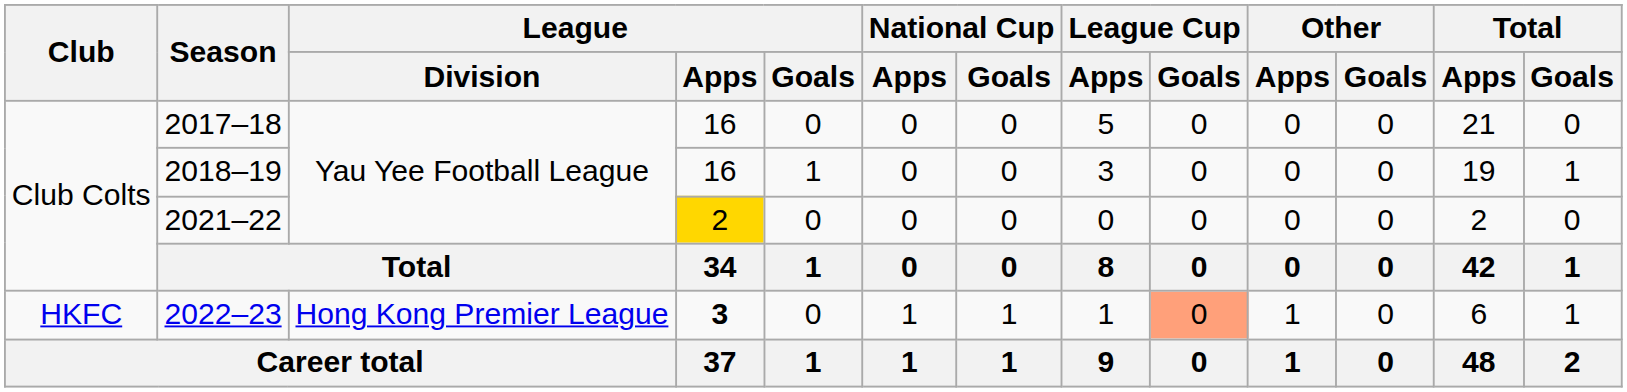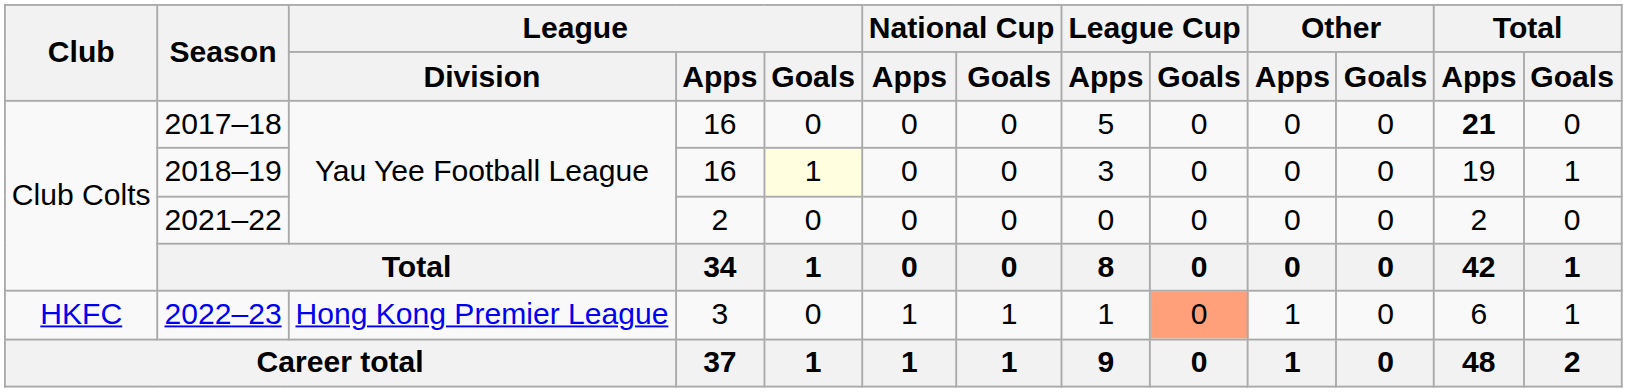 <table class="wikitable" style="text-align: center">
 <tr>
 <th rowspan="2">Club</th>
 <th rowspan="2">Season</th>
 <th colspan="3">League</th>
 <th colspan="2">National Cup</th>
 <th colspan="2">League Cup</th>
 <th colspan="2">Other</th>
 <th colspan="2">Total</th>
 </tr>
 <tr>
 <th>Division</th>
 <th>Apps</th>
 <th>Goals</th>
 <th>Apps</th>
 <th>Goals</th>
 <th>Apps</th>
 <th>Goals</th>
 <th>Apps</th>
 <th>Goals</th>
 <th>Apps</th>
 <th>Goals</th>
 </tr>
 <tr>
 <td rowspan="4">Club Colts</td>
 <td>2017–18</td>
 <td rowspan="3">Yau Yee Football League</td>
 <td>16</td>
 <td>0</td>
 <td>0</td>
 <td>0</td>
 <td>5</td>
 <td>0</td>
 <td>0</td>
 <td>0</td>
-<td>21</td>
+<td><strong>21</strong></td>
 <td>0</td>
 </tr>
 <tr>
 <td>2018–19</td>
 <td>16</td>
-<td>1</td>
+<td style="background: lightyellow;">1</td>
 <td>0</td>
 <td>0</td>
 <td>3</td>
 <td>0</td>
 <td>0</td>
 <td>0</td>
 <td>19</td>
 <td>1</td>
 </tr>
 <tr>
 <td>2021–22</td>
-<td style="background: gold;">2</td>
+<td>2</td>
 <td>0</td>
 <td>0</td>
 <td>0</td>
 <td>0</td>
 <td>0</td>
 <td>0</td>
 <td>0</td>
 <td>2</td>
 <td>0</td>
 </tr>
 <tr>
 <th colspan="2">Total</th>
 <th>34</th>
 <th>1</th>
 <th>0</th>
 <th>0</th>
 <th>8</th>
 <th>0</th>
 <th>0</th>
 <th>0</th>
 <th>42</th>
 <th>1</th>
 </tr>
 <tr>
 <td><a href='#'>HKFC</a></td>
 <td><a href='#'>2022–23</a></td>
 <td><a href='#'>Hong Kong Premier League</a></td>
-<td><strong>3</strong></td>
+<td>3</td>
 <td>0</td>
 <td>1</td>
 <td>1</td>
 <td>1</td>
 <td style="background: lightsalmon;">0</td>
 <td>1</td>
 <td>0</td>
 <td>6</td>
 <td>1</td>
 </tr>
 <tr>
 <th colspan="3">Career total</th>
 <th>37</th>
 <th>1</th>
 <th>1</th>
 <th>1</th>
 <th>9</th>
 <th>0</th>
 <th>1</th>
 <th>0</th>
 <th>48</th>
 <th>2</th>
 </tr>
 </table>
